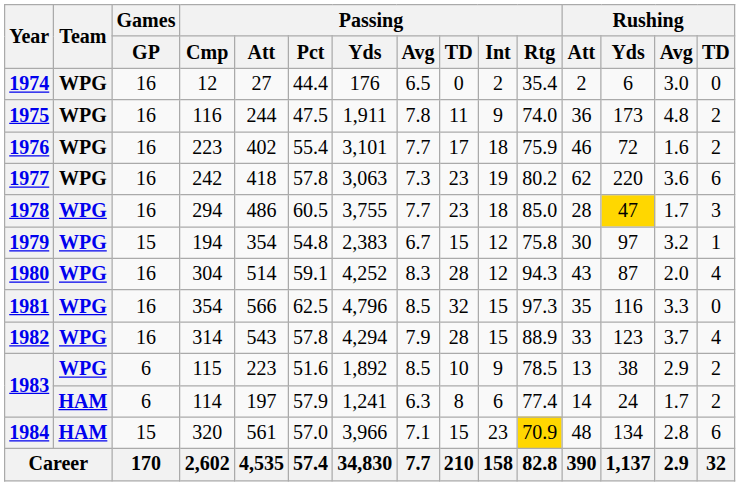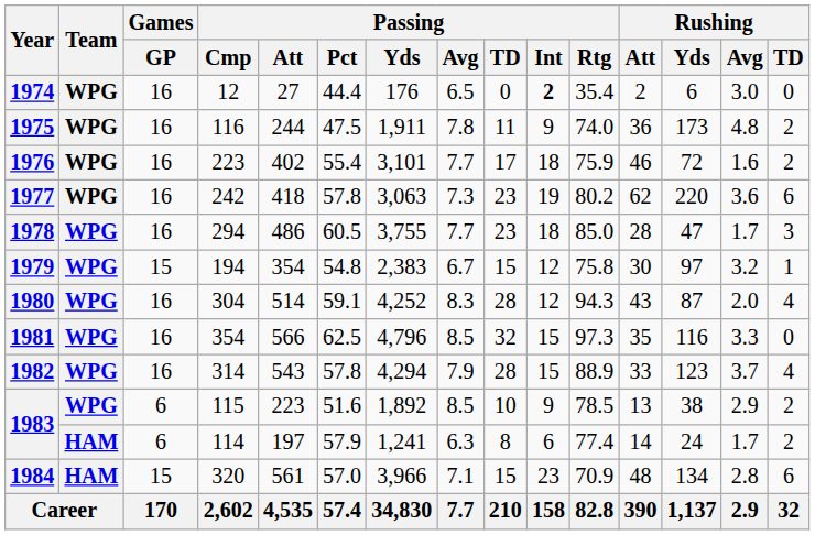 <table class="wikitable" style="text-align: center;">
 <tr>
 <th rowspan="2">Year</th>
 <th rowspan="2">Team</th>
 <th colspan="1">Games</th>
 <th colspan="8">Passing</th>
 <th colspan="4">Rushing</th>
 </tr>
 <tr>
 <th>GP</th>
 <th>Cmp</th>
 <th>Att</th>
 <th>Pct</th>
 <th>Yds</th>
 <th>Avg</th>
 <th>TD</th>
 <th>Int</th>
 <th>Rtg</th>
 <th>Att</th>
 <th>Yds</th>
 <th>Avg</th>
 <th>TD</th>
 </tr>
 <tr>
 <th><a href='#'>1974</a></th>
 <th>WPG</th>
 <td>16</td>
 <td>12</td>
 <td>27</td>
 <td>44.4</td>
 <td>176</td>
 <td>6.5</td>
 <td>0</td>
-<td>2</td>
+<td><strong>2</strong></td>
 <td>35.4</td>
 <td>2</td>
 <td>6</td>
 <td>3.0</td>
 <td>0</td>
 </tr>
 <tr>
 <th><a href='#'>1975</a></th>
 <th>WPG</th>
 <td>16</td>
 <td>116</td>
 <td>244</td>
 <td>47.5</td>
 <td>1,911</td>
 <td>7.8</td>
 <td>11</td>
 <td>9</td>
 <td>74.0</td>
 <td>36</td>
 <td>173</td>
 <td>4.8</td>
 <td>2</td>
 </tr>
 <tr>
 <th><a href='#'>1976</a></th>
 <th>WPG</th>
 <td>16</td>
 <td>223</td>
 <td>402</td>
 <td>55.4</td>
 <td>3,101</td>
 <td>7.7</td>
 <td>17</td>
 <td>18</td>
 <td>75.9</td>
 <td>46</td>
 <td>72</td>
 <td>1.6</td>
 <td>2</td>
 </tr>
 <tr>
 <th><a href='#'>1977</a></th>
 <th>WPG</th>
 <td>16</td>
 <td>242</td>
 <td>418</td>
 <td>57.8</td>
 <td>3,063</td>
 <td>7.3</td>
 <td>23</td>
 <td>19</td>
 <td>80.2</td>
 <td>62</td>
 <td>220</td>
 <td>3.6</td>
 <td>6</td>
 </tr>
 <tr>
 <th><a href='#'>1978</a></th>
 <th><a href='#'>WPG</a></th>
 <td>16</td>
 <td>294</td>
 <td>486</td>
 <td>60.5</td>
 <td>3,755</td>
 <td>7.7</td>
 <td>23</td>
 <td>18</td>
 <td>85.0</td>
 <td>28</td>
-<td style="background: gold;">47</td>
+<td>47</td>
 <td>1.7</td>
 <td>3</td>
 </tr>
 <tr>
 <th><a href='#'>1979</a></th>
 <th><a href='#'>WPG</a></th>
 <td>15</td>
 <td>194</td>
 <td>354</td>
 <td>54.8</td>
 <td>2,383</td>
 <td>6.7</td>
 <td>15</td>
 <td>12</td>
 <td>75.8</td>
 <td>30</td>
 <td>97</td>
 <td>3.2</td>
 <td>1</td>
 </tr>
 <tr>
 <th><a href='#'>1980</a></th>
 <th><a href='#'>WPG</a></th>
 <td>16</td>
 <td>304</td>
 <td>514</td>
 <td>59.1</td>
 <td>4,252</td>
 <td>8.3</td>
 <td>28</td>
 <td>12</td>
 <td>94.3</td>
 <td>43</td>
 <td>87</td>
 <td>2.0</td>
 <td>4</td>
 </tr>
 <tr>
 <th><a href='#'>1981</a></th>
 <th><a href='#'>WPG</a></th>
 <td>16</td>
 <td>354</td>
 <td>566</td>
 <td>62.5</td>
 <td>4,796</td>
 <td>8.5</td>
 <td>32</td>
 <td>15</td>
 <td>97.3</td>
 <td>35</td>
 <td>116</td>
 <td>3.3</td>
 <td>0</td>
 </tr>
 <tr>
 <th><a href='#'>1982</a></th>
 <th><a href='#'>WPG</a></th>
 <td>16</td>
 <td>314</td>
 <td>543</td>
 <td>57.8</td>
 <td>4,294</td>
 <td>7.9</td>
 <td>28</td>
 <td>15</td>
 <td>88.9</td>
 <td>33</td>
 <td>123</td>
 <td>3.7</td>
 <td>4</td>
 </tr>
 <tr>
 <th rowspan="2"><a href='#'>1983</a></th>
 <th><a href='#'>WPG</a></th>
 <td>6</td>
 <td>115</td>
 <td>223</td>
 <td>51.6</td>
 <td>1,892</td>
 <td>8.5</td>
 <td>10</td>
 <td>9</td>
 <td>78.5</td>
 <td>13</td>
 <td>38</td>
 <td>2.9</td>
 <td>2</td>
 </tr>
 <tr>
 <th><a href='#'>HAM</a></th>
 <td>6</td>
 <td>114</td>
 <td>197</td>
 <td>57.9</td>
 <td>1,241</td>
 <td>6.3</td>
 <td>8</td>
 <td>6</td>
 <td>77.4</td>
 <td>14</td>
 <td>24</td>
 <td>1.7</td>
 <td>2</td>
 </tr>
 <tr>
 <th><a href='#'>1984</a></th>
 <th><a href='#'>HAM</a></th>
 <td>15</td>
 <td>320</td>
 <td>561</td>
 <td>57.0</td>
 <td>3,966</td>
 <td>7.1</td>
 <td>15</td>
 <td>23</td>
-<td style="background: gold;">70.9</td>
+<td>70.9</td>
 <td>48</td>
 <td>134</td>
 <td>2.8</td>
 <td>6</td>
 </tr>
 <tr>
 <th colspan="2">Career</th>
 <th>170</th>
 <th>2,602</th>
 <th>4,535</th>
 <th>57.4</th>
 <th>34,830</th>
 <th>7.7</th>
 <th>210</th>
 <th>158</th>
 <th>82.8</th>
 <th>390</th>
 <th>1,137</th>
 <th>2.9</th>
 <th>32</th>
 </tr>
 </table>
